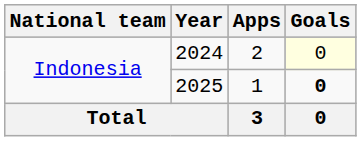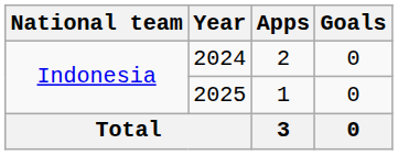 <table class="wikitable" style="text-align:center">
 <tr>
 <th>National team</th>
 <th>Year</th>
 <th>Apps</th>
 <th>Goals</th>
 </tr>
 <tr>
 <td rowspan="2"><a href='#'>Indonesia</a></td>
 <td>2024</td>
 <td>2</td>
-<td style="background: lightyellow;">0</td>
+<td>0</td>
 </tr>
 <tr>
 <td>2025</td>
 <td>1</td>
-<td><strong>0</strong></td>
+<td>0</td>
 </tr>
 <tr>
 <th colspan="2">Total</th>
 <th>3</th>
 <th>0</th>
 </tr>
 </table>
